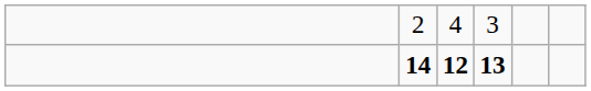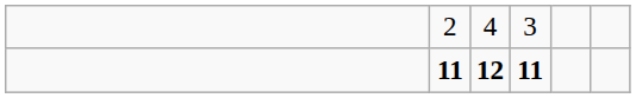 <table class="wikitable">
 <tr>
 <td style="width:15em"></td>
 <td align=center style="width:1em">2</td>
 <td align=center style="width:1em">4</td>
 <td align=center style="width:1em">3</td>
 <td align=center style="width:1em"></td>
 <td align=center style="width:1em"></td>
 </tr>
 <tr>
 <td style="width:15em"></td>
-<td align=center style="width:1em"><strong>14</strong></td>
+<td align=center style="width:1em"><strong>11</strong></td>
 <td align=center style="width:1em"><strong>12</strong></td>
-<td align=center style="width:1em"><strong>13</strong></td>
+<td align=center style="width:1em"><strong>11</strong></td>
 <td align=center style="width:1em"></td>
 <td align=center style="width:1em"></td>
 </tr>
 </table>
